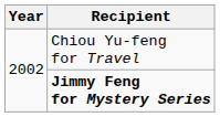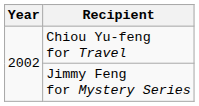 <table class="wikitable sortable">
 <tr>
 <th>Year</th>
 <th>Recipient</th>
 </tr>
 <tr>
 <td rowspan=2>2002</td>
 <td>Chiou Yu-feng<br> for <em>Travel</em></td>
 </tr>
 <tr>
-<td><strong>Jimmy Feng<br> for <em>Mystery Series</em></strong></td>
+<td>Jimmy Feng<br> for <em>Mystery Series</em></td>
 </tr>
 </table>
